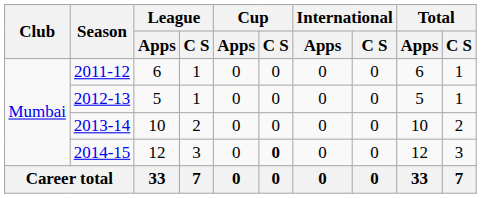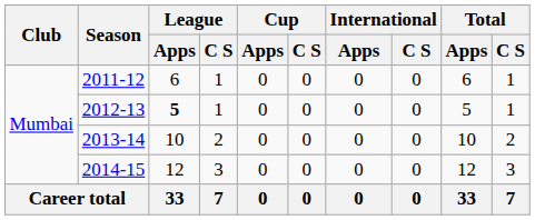 <table class="wikitable" style="text-align: center;">
 <tr>
 <th rowspan="2">Club</th>
 <th rowspan="2">Season</th>
 <th colspan="2">League</th>
 <th colspan="2">Cup</th>
 <th colspan="2">International</th>
 <th colspan="2">Total</th>
 </tr>
 <tr>
 <th>Apps</th>
 <th>C S</th>
 <th>Apps</th>
 <th>C S</th>
 <th>Apps</th>
 <th>C S</th>
 <th>Apps</th>
 <th>C S</th>
 </tr>
 <tr>
 <td rowspan="4"><a href='#'>Mumbai</a></td>
 <td><a href='#'>2011-12</a></td>
 <td>6</td>
 <td>1</td>
 <td>0</td>
 <td>0</td>
 <td>0</td>
 <td>0</td>
 <td>6</td>
 <td>1</td>
 </tr>
 <tr>
 <td><a href='#'>2012-13</a></td>
-<td>5</td>
+<td><strong>5</strong></td>
 <td>1</td>
 <td>0</td>
 <td>0</td>
 <td>0</td>
 <td>0</td>
 <td>5</td>
 <td>1</td>
 </tr>
 <tr>
 <td><a href='#'>2013-14</a></td>
 <td>10</td>
 <td>2</td>
 <td>0</td>
 <td>0</td>
 <td>0</td>
 <td>0</td>
 <td>10</td>
 <td>2</td>
 </tr>
 <tr>
 <td><a href='#'>2014-15</a></td>
 <td>12</td>
 <td>3</td>
 <td>0</td>
-<td><strong>0</strong></td>
+<td>0</td>
 <td>0</td>
 <td>0</td>
 <td>12</td>
 <td>3</td>
 </tr>
 <tr>
 <th colspan="2">Career total</th>
 <th>33</th>
 <th>7</th>
 <th>0</th>
 <th>0</th>
 <th>0</th>
 <th>0</th>
 <th>33</th>
 <th>7</th>
 </tr>
 </table>
